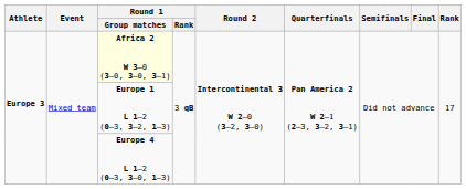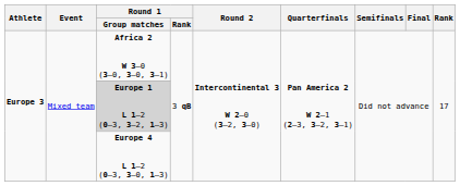 <table class="wikitable" border="1" style="font-size:90%">
 <tr>
 <th rowspan=2>Athlete</th>
 <th rowspan=2>Event</th>
 <th colspan=2>Round 1</th>
 <th rowspan=2>Round 2</th>
 <th rowspan=2>Quarterfinals</th>
 <th rowspan=2>Semifinals</th>
 <th rowspan=2>Final</th>
 <th rowspan=2>Rank</th>
 </tr>
 <tr>
 <th>Group matches</th>
 <th>Rank</th>
 </tr>
 <tr>
 <td rowspan=3><strong>Europe 3</strong><br><br></td>
 <td rowspan=3><a href='#'>Mixed team</a></td>
-<td align=center style="background: lightyellow;"><strong>Africa 2</strong><br><br><br> <strong>W</strong> <strong>3</strong>–0 <br> (<strong>3</strong>–0, <strong>3</strong>–0, <strong>3</strong>–1)</td>
+<td align=center><strong>Africa 2</strong><br><br><br> <strong>W</strong> <strong>3</strong>–0 <br> (<strong>3</strong>–0, <strong>3</strong>–0, <strong>3</strong>–1)</td>
 <td rowspan=3 align=center>3 <strong>qB</strong></td>
 <td align=center rowspan=3><strong>Intercontinental 3</strong><br><br><br> <strong>W</strong> <strong>2</strong>–0 <br> (<strong>3</strong>–2, <strong>3</strong>–0)</td>
 <td align=center rowspan=3><strong>Pan America 2</strong><br><br><br> <strong>W</strong> <strong>2</strong>–1 <br> (<strong>2</strong>–3, <strong>3</strong>–2, <strong>3</strong>–1)</td>
 <td rowspan=3 colspan=2 align=center>Did not advance</td>
 <td rowspan=3 align=center>17</td>
 </tr>
 <tr>
-<td align=center><strong>Europe 1</strong><br><br><br> <strong>L</strong> <strong>1</strong>–2 <br> (<strong>0</strong>–3, <strong>3</strong>–2, <strong>1</strong>–3)</td>
+<td align=center style="background: lightgrey;"><strong>Europe 1</strong><br><br><br> <strong>L</strong> <strong>1</strong>–2 <br> (<strong>0</strong>–3, <strong>3</strong>–2, <strong>1</strong>–3)</td>
 </tr>
 <tr>
 <td align=center><strong>Europe 4</strong><br><br><br> <strong>L</strong> <strong>1</strong>–2 <br> (<strong>0</strong>–3, <strong>3</strong>–0, <strong>1</strong>–3)</td>
 </tr>
 </table>
